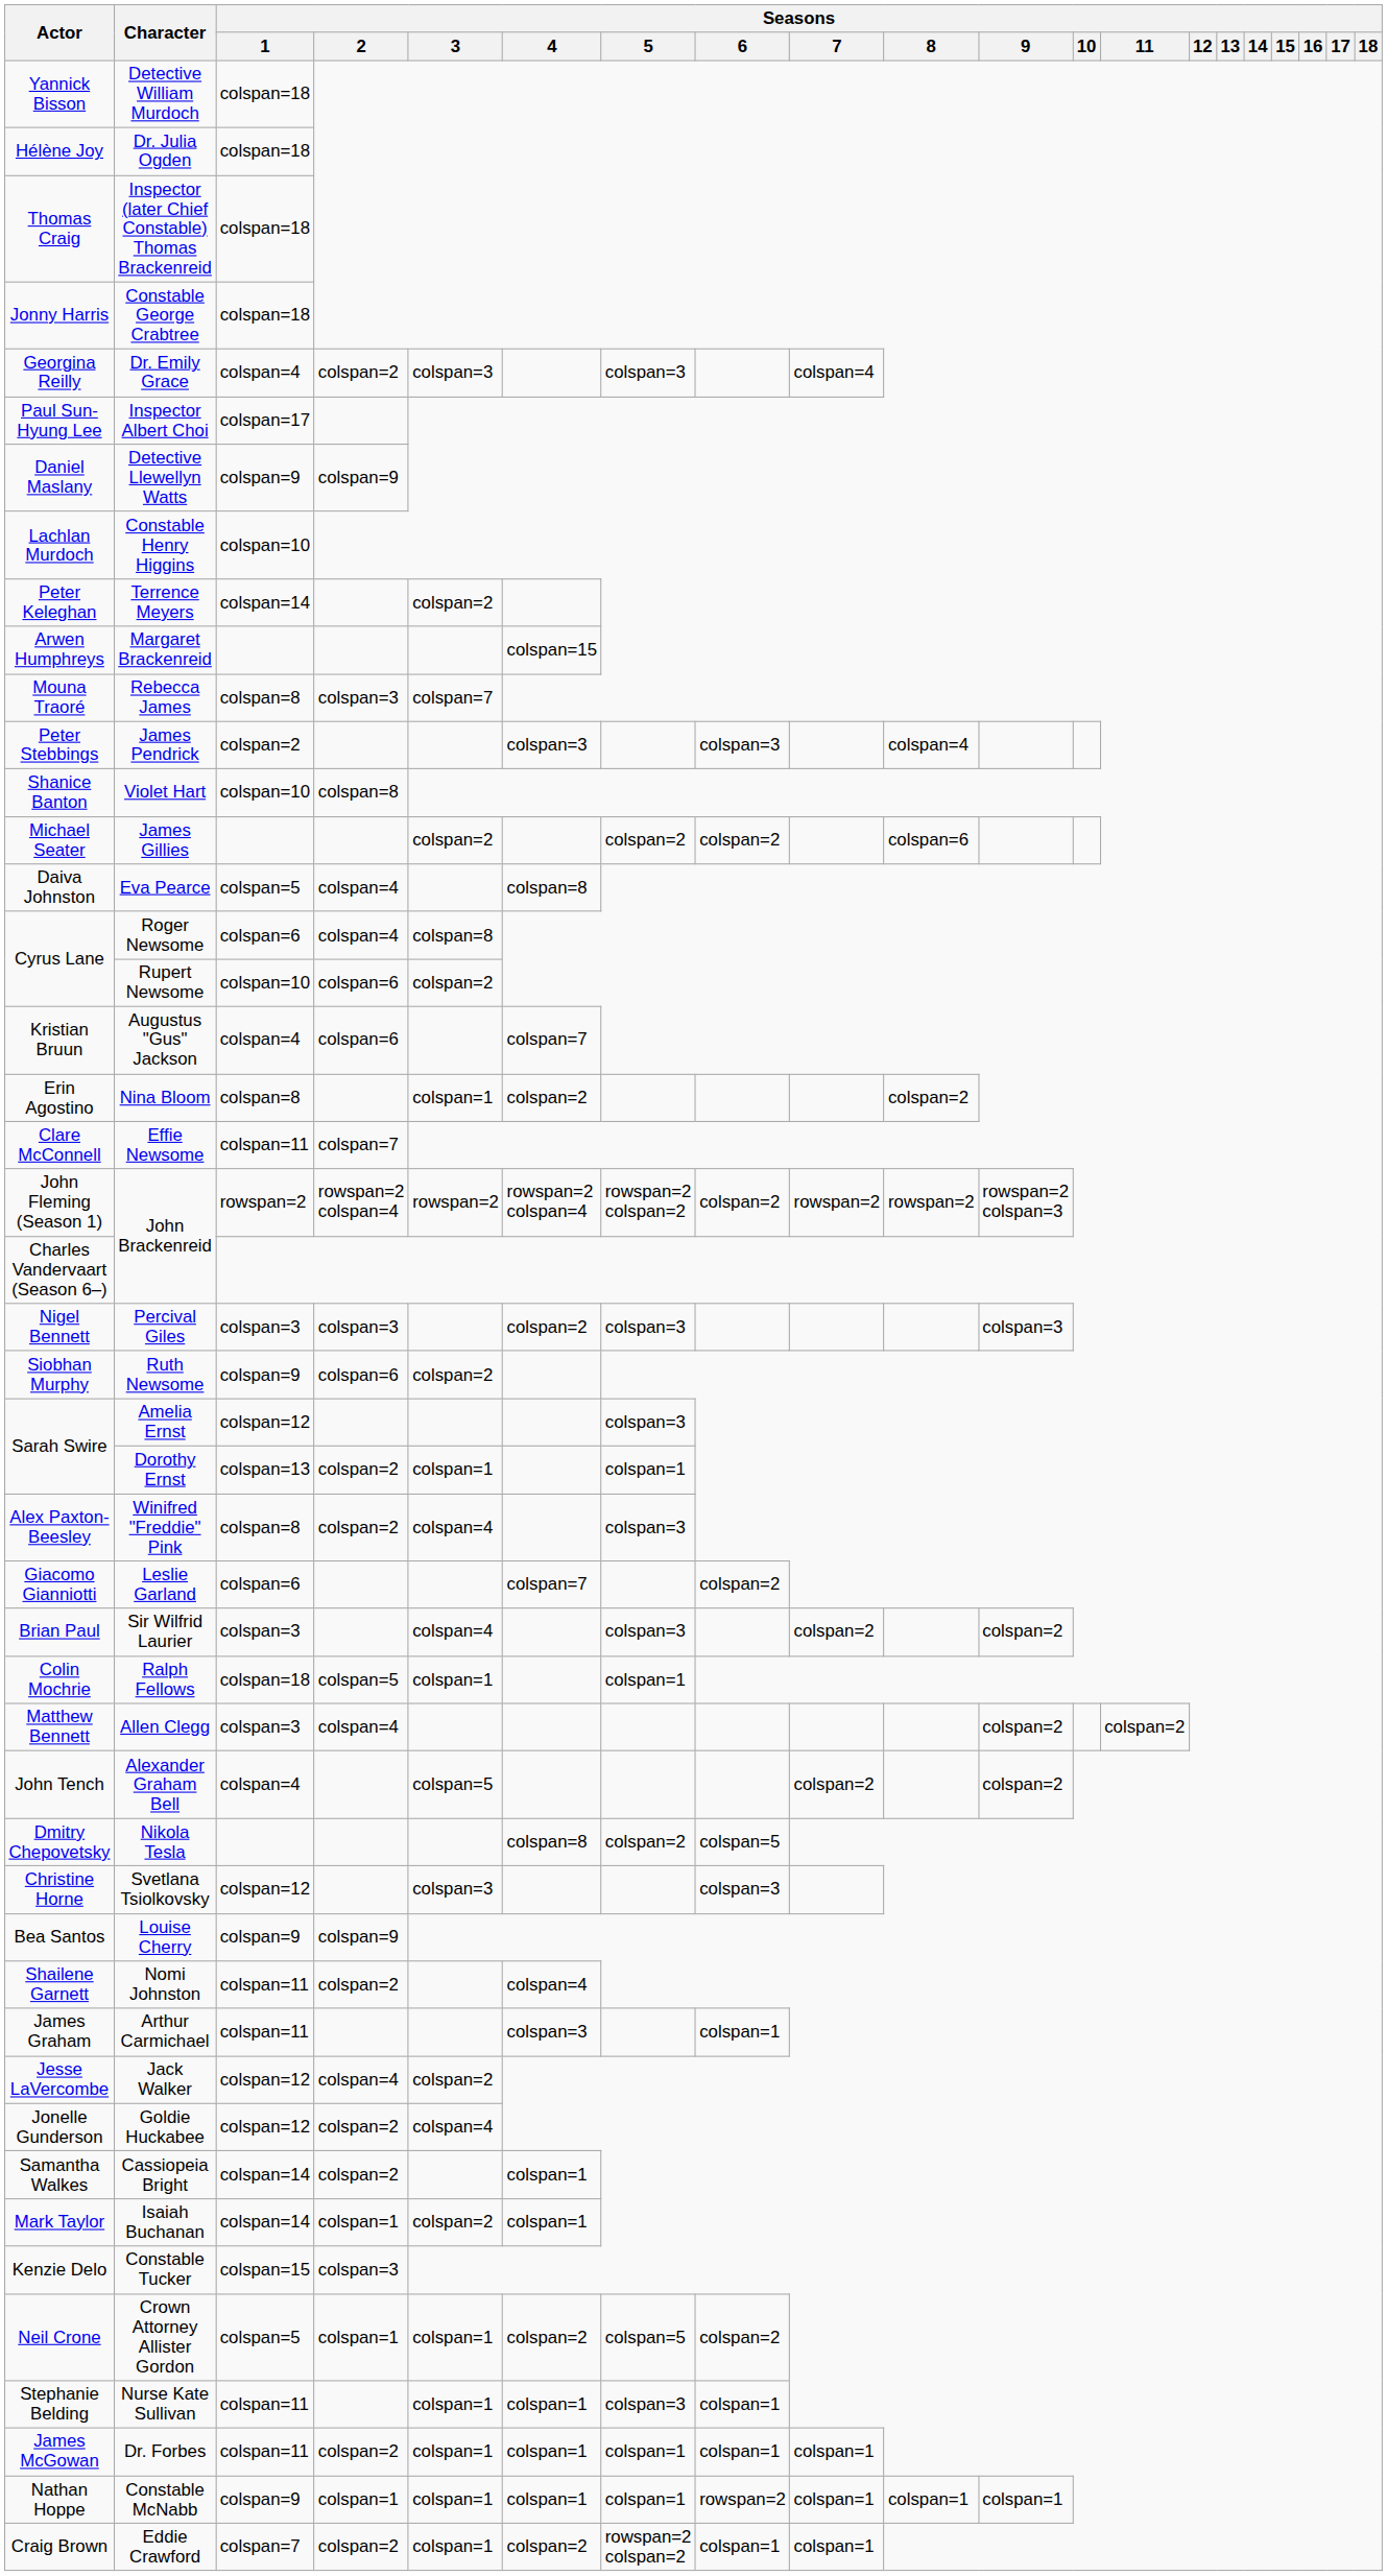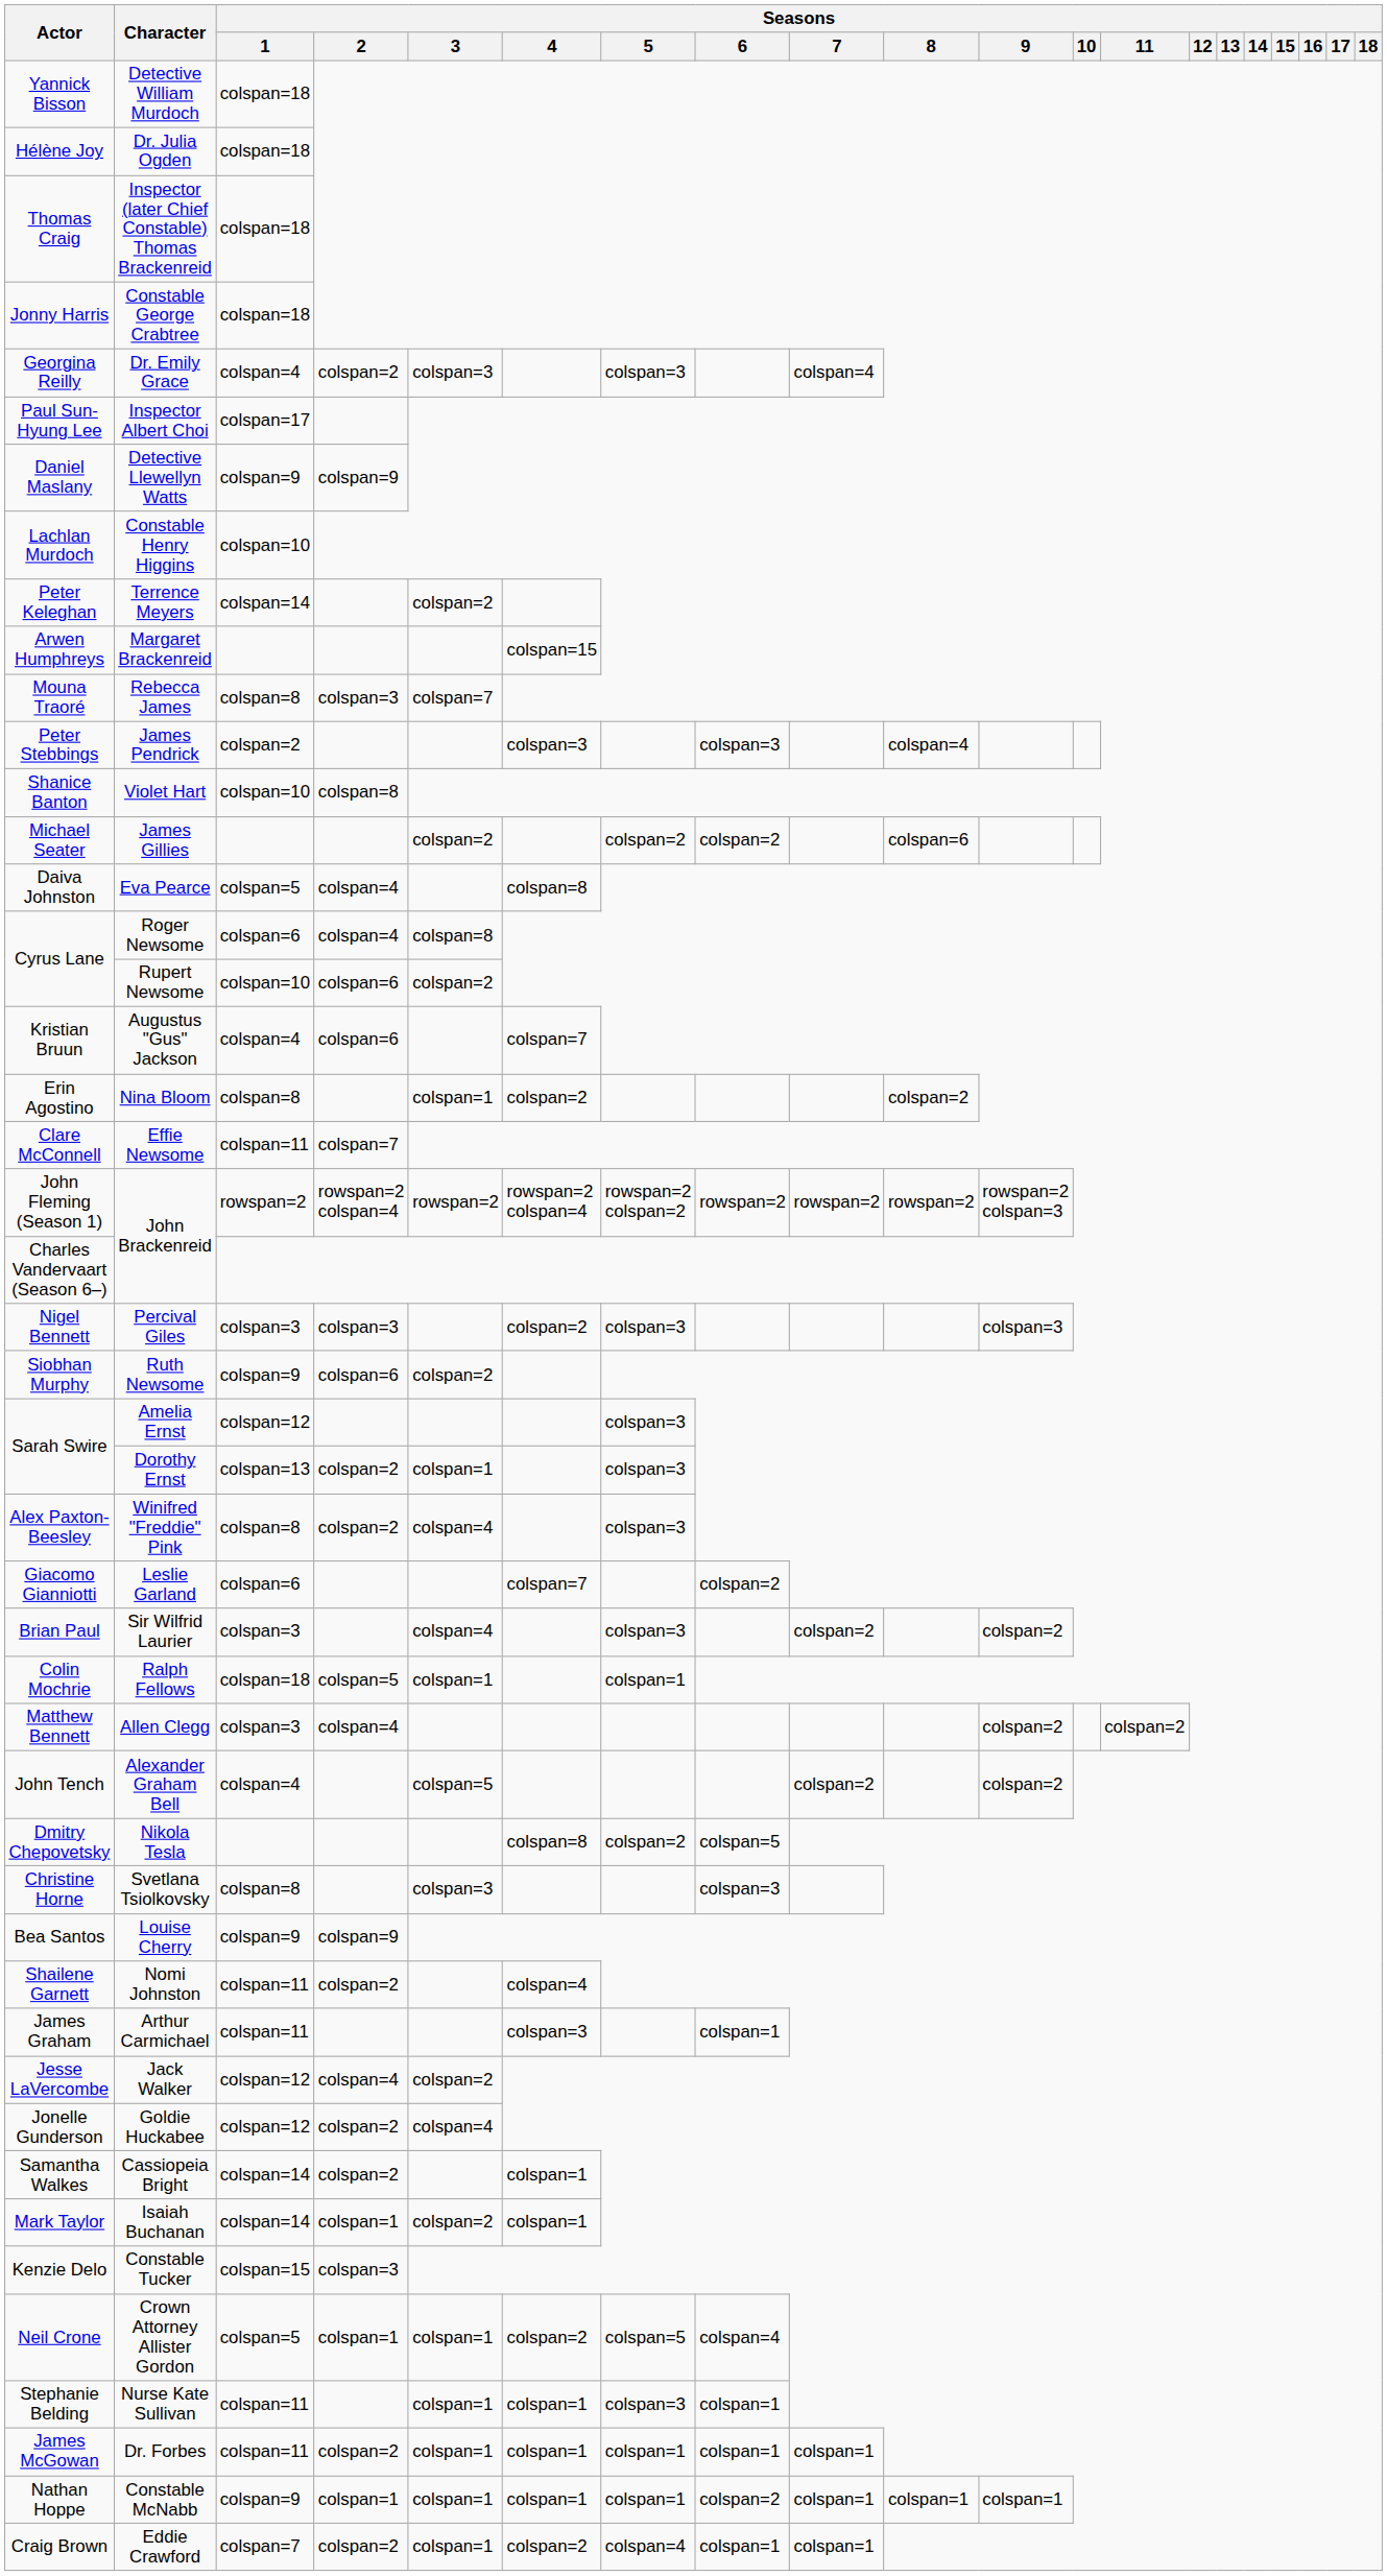 <table class="wikitable">
 <tr>
 <th rowspan=2>Actor</th>
 <th rowspan=2>Character</th>
 <th colspan=18>Seasons</th>
 </tr>
 <tr>
 <th style="width:5%;">1</th>
 <th style="width:5%;">2</th>
 <th style="width:5%;">3</th>
 <th style="width:5%;">4</th>
 <th style="width:5%;">5</th>
 <th style="width:5%;">6</th>
 <th style="width:5%;">7</th>
 <th style="width:5%;">8</th>
 <th style="width:5%;">9</th>
 <th style="width:5%;">10</th>
 <th style="width:5%;">11</th>
 <th style="width:5%;">12</th>
 <th style="width:5%;">13</th>
 <th style="width:5%;">14</th>
 <th style="width:5%;">15</th>
 <th style="width:5%;">16</th>
 <th style="width:5%;">17</th>
 <th style="width:5%;">18</th>
 </tr>
 <tr>
 <td style="text-align:center;"><a href='#'>Yannick Bisson</a></td>
 <td style="text-align:center;"><a href='#'>Detective William Murdoch</a></td>
 <td>colspan=18 </td>
 </tr>
 <tr>
 <td style="text-align:center;"><a href='#'>Hélène Joy</a></td>
 <td style="text-align:center;"><a href='#'>Dr. Julia Ogden</a></td>
 <td>colspan=18 </td>
 </tr>
 <tr>
 <td style="text-align:center;"><a href='#'>Thomas Craig</a></td>
 <td style="text-align:center;"><a href='#'>Inspector (later Chief Constable) Thomas Brackenreid</a></td>
 <td>colspan=18 </td>
 </tr>
 <tr>
 <td style="text-align:center;"><a href='#'>Jonny Harris</a></td>
 <td style="text-align:center;"><a href='#'>Constable George Crabtree</a></td>
 <td>colspan=18 </td>
 </tr>
 <tr>
 <td style="text-align:center;"><a href='#'>Georgina Reilly</a></td>
 <td style="text-align:center;"><a href='#'>Dr. Emily Grace</a></td>
 <td>colspan=4 </td>
 <td>colspan=2 </td>
 <td>colspan=3 </td>
 <td></td>
 <td>colspan=3 </td>
 <td></td>
 <td>colspan=4 </td>
 </tr>
 <tr>
 <td style="text-align:center;"><a href='#'>Paul Sun-Hyung Lee</a></td>
 <td style="text-align:center;"><a href='#'>Inspector Albert Choi</a></td>
 <td>colspan=17 </td>
 <td></td>
 </tr>
 <tr>
 <td style="text-align:center;"><a href='#'>Daniel Maslany</a></td>
 <td style="text-align:center;"><a href='#'>Detective Llewellyn Watts</a></td>
 <td>colspan=9 </td>
 <td>colspan=9 </td>
 </tr>
 <tr>
 <td style="text-align:center;"><a href='#'>Lachlan Murdoch</a></td>
 <td style="text-align:center;"><a href='#'>Constable Henry Higgins</a></td>
 <td>colspan=10 </td>
 </tr>
 <tr>
 <td style="text-align:center;"><a href='#'>Peter Keleghan</a></td>
 <td style="text-align:center;"><a href='#'>Terrence Meyers</a></td>
 <td>colspan=14 </td>
 <td></td>
 <td>colspan=2 </td>
 <td></td>
 </tr>
 <tr>
 <td style="text-align:center;"><a href='#'>Arwen Humphreys</a></td>
 <td style="text-align:center;"><a href='#'>Margaret Brackenreid</a></td>
 <td></td>
 <td></td>
 <td></td>
 <td>colspan=15 </td>
 </tr>
 <tr>
 <td style="text-align:center;"><a href='#'>Mouna Traoré</a></td>
 <td style="text-align:center;"><a href='#'>Rebecca James</a></td>
 <td>colspan=8 </td>
 <td>colspan=3 </td>
 <td>colspan=7 </td>
 </tr>
 <tr>
 <td style="text-align:center;"><a href='#'>Peter Stebbings</a></td>
 <td style="text-align:center;"><a href='#'>James Pendrick</a></td>
 <td>colspan=2 </td>
 <td></td>
 <td></td>
 <td>colspan=3  </td>
 <td></td>
 <td>colspan=3 </td>
 <td></td>
 <td>colspan=4 </td>
 <td></td>
 <td></td>
 </tr>
 <tr>
 <td style="text-align:center;"><a href='#'>Shanice Banton</a></td>
 <td style="text-align:center;"><a href='#'>Violet Hart</a></td>
 <td>colspan=10 </td>
 <td>colspan=8 </td>
 </tr>
 <tr>
 <td style="text-align:center;"><a href='#'>Michael Seater</a></td>
 <td style="text-align:center;"><a href='#'>James Gillies</a></td>
 <td></td>
 <td></td>
 <td>colspan=2 </td>
 <td></td>
 <td>colspan=2 </td>
 <td>colspan=2 </td>
 <td></td>
 <td>colspan=6 </td>
 <td></td>
 <td></td>
 </tr>
 <tr>
 <td style="text-align:center;">Daiva Johnston</td>
 <td style="text-align:center;"><a href='#'>Eva Pearce</a></td>
 <td>colspan=5 </td>
 <td>colspan=4 </td>
 <td></td>
 <td>colspan=8 </td>
 </tr>
 <tr>
 <td rowspan=2 style="text-align:center;">Cyrus Lane</td>
 <td style="text-align:center;">Roger Newsome</td>
 <td>colspan=6 </td>
 <td>colspan=4 </td>
 <td>colspan=8 </td>
 </tr>
 <tr>
 <td style="text-align:center;">Rupert Newsome</td>
 <td>colspan=10 </td>
 <td>colspan=6 </td>
 <td>colspan=2 </td>
 </tr>
 <tr>
 <td style="text-align:center;">Kristian Bruun</td>
 <td style="text-align:center;">Augustus "Gus" Jackson</td>
 <td>colspan=4 </td>
 <td>colspan=6 </td>
 <td></td>
 <td>colspan=7 </td>
 </tr>
 <tr>
 <td style="text-align:center;">Erin Agostino</td>
 <td style="text-align:center;"><a href='#'>Nina Bloom</a></td>
 <td>colspan=8 </td>
 <td></td>
 <td>colspan=1 </td>
 <td>colspan=2 </td>
 <td></td>
 <td></td>
 <td></td>
 <td>colspan=2 </td>
 </tr>
 <tr>
 <td style="text-align:center;"><a href='#'>Clare McConnell</a></td>
 <td style="text-align:center;"><a href='#'>Effie Newsome</a></td>
 <td>colspan=11 </td>
 <td>colspan=7 </td>
 </tr>
 <tr>
 <td style="text-align:center;">John Fleming (Season 1)</td>
 <td rowspan=2 style="text-align:center;">John Brackenreid</td>
 <td>rowspan=2 </td>
 <td>rowspan=2 colspan=4 </td>
 <td>rowspan=2 </td>
 <td>rowspan=2 colspan=4 </td>
 <td>rowspan=2 colspan=2 </td>
-<td>colspan=2 </td>
+<td>rowspan=2 </td>
 <td>rowspan=2 </td>
 <td>rowspan=2 </td>
 <td>rowspan=2 colspan=3 </td>
 </tr>
 <tr>
 <td style="text-align:center;">Charles Vandervaart (Season 6–)</td>
 </tr>
 <tr>
 <td style="text-align:center;"><a href='#'>Nigel Bennett</a></td>
 <td style="text-align:center;"><a href='#'>Percival Giles</a></td>
 <td>colspan=3 </td>
 <td>colspan=3 </td>
 <td></td>
 <td>colspan=2 </td>
 <td>colspan=3 </td>
 <td></td>
 <td></td>
 <td></td>
 <td>colspan=3 </td>
 </tr>
 <tr>
 <td style="text-align:center;"><a href='#'>Siobhan Murphy</a></td>
 <td style="text-align:center;"><a href='#'>Ruth Newsome</a></td>
 <td>colspan=9 </td>
 <td>colspan=6 </td>
 <td>colspan=2 </td>
 <td></td>
 </tr>
 <tr>
 <td rowspan=2 style="text-align:center;">Sarah Swire</td>
 <td style="text-align:center;"><a href='#'>Amelia Ernst</a></td>
 <td>colspan=12 </td>
 <td></td>
 <td></td>
 <td></td>
 <td>colspan=3 </td>
 </tr>
 <tr>
 <td style="text-align:center;"><a href='#'>Dorothy Ernst</a></td>
 <td>colspan=13 </td>
 <td>colspan=2 </td>
 <td>colspan=1 </td>
 <td></td>
-<td>colspan=1 </td>
+<td>colspan=3 </td>
 </tr>
 <tr>
 <td style="text-align:center;"><a href='#'>Alex Paxton-Beesley</a></td>
 <td style="text-align:center;"><a href='#'>Winifred "Freddie" Pink</a></td>
 <td>colspan=8 </td>
 <td>colspan=2 </td>
 <td>colspan=4 </td>
 <td></td>
 <td>colspan=3 </td>
 </tr>
 <tr>
 <td style="text-align:center;"><a href='#'>Giacomo Gianniotti</a></td>
 <td style="text-align:center;"><a href='#'>Leslie Garland</a></td>
 <td>colspan=6 </td>
 <td></td>
 <td></td>
 <td>colspan=7 </td>
 <td></td>
 <td>colspan=2 </td>
 </tr>
 <tr>
 <td style="text-align:center;"><a href='#'>Brian Paul</a></td>
 <td style="text-align:center;">Sir Wilfrid Laurier</td>
 <td>colspan=3 </td>
 <td></td>
 <td>colspan=4 </td>
 <td></td>
 <td>colspan=3 </td>
 <td></td>
 <td>colspan=2 </td>
 <td></td>
 <td>colspan=2 </td>
 </tr>
 <tr>
 <td style="text-align:center;"><a href='#'>Colin Mochrie</a></td>
 <td style="text-align:center;"><a href='#'>Ralph Fellows</a></td>
 <td>colspan=18 </td>
 <td>colspan=5 </td>
 <td>colspan=1 </td>
 <td></td>
 <td>colspan=1 </td>
 </tr>
 <tr>
 <td style="text-align:center;"><a href='#'>Matthew Bennett</a></td>
 <td style="text-align:center;"><a href='#'>Allen Clegg</a></td>
 <td>colspan=3 </td>
 <td>colspan=4 </td>
 <td></td>
 <td></td>
 <td></td>
 <td></td>
 <td></td>
 <td></td>
 <td>colspan=2 </td>
 <td></td>
 <td>colspan=2 </td>
 </tr>
 <tr>
 <td style="text-align:center;">John Tench</td>
 <td style="text-align:center;"><a href='#'>Alexander Graham Bell</a></td>
 <td>colspan=4 </td>
 <td></td>
 <td>colspan=5 </td>
 <td></td>
 <td></td>
 <td></td>
 <td>colspan=2 </td>
 <td></td>
 <td>colspan=2 </td>
 </tr>
 <tr>
 <td style="text-align:center;"><a href='#'>Dmitry Chepovetsky</a></td>
 <td style="text-align:center;"><a href='#'>Nikola Tesla</a></td>
 <td></td>
 <td></td>
 <td></td>
 <td>colspan=8 </td>
 <td>colspan=2 </td>
 <td>colspan=5 </td>
 </tr>
 <tr>
 <td style="text-align:center;"><a href='#'>Christine Horne</a></td>
 <td style="text-align:center;">Svetlana Tsiolkovsky</td>
-<td>colspan=12 </td>
+<td>colspan=8 </td>
 <td></td>
 <td>colspan=3 </td>
 <td></td>
 <td></td>
 <td>colspan=3 </td>
 <td></td>
 </tr>
 <tr>
 <td style="text-align:center;">Bea Santos</td>
 <td style="text-align:center;"><a href='#'>Louise Cherry</a></td>
 <td>colspan=9 </td>
 <td>colspan=9 </td>
 </tr>
 <tr>
 <td style="text-align:center;"><a href='#'>Shailene Garnett</a></td>
 <td style="text-align:center;">Nomi Johnston</td>
 <td>colspan=11 </td>
 <td>colspan=2 </td>
 <td></td>
 <td>colspan=4 </td>
 </tr>
 <tr>
 <td style="text-align:center;">James Graham</td>
 <td style="text-align:center;">Arthur Carmichael</td>
 <td>colspan=11 </td>
 <td></td>
 <td></td>
 <td>colspan=3 </td>
 <td></td>
 <td>colspan=1 </td>
 </tr>
 <tr>
 <td style="text-align:center;"><a href='#'>Jesse LaVercombe</a></td>
 <td style="text-align:center;">Jack Walker</td>
 <td>colspan=12 </td>
 <td>colspan=4 </td>
 <td>colspan=2 </td>
 </tr>
 <tr>
 <td style="text-align:center;">Jonelle Gunderson</td>
 <td style="text-align:center;">Goldie Huckabee</td>
 <td>colspan=12 </td>
 <td>colspan=2 </td>
 <td>colspan=4 </td>
 </tr>
 <tr>
 <td style="text-align:center;">Samantha Walkes</td>
 <td style="text-align:center;">Cassiopeia Bright</td>
 <td>colspan=14 </td>
 <td>colspan=2 </td>
 <td></td>
 <td>colspan=1 </td>
 </tr>
 <tr>
 <td style="text-align:center;"><a href='#'>Mark Taylor</a></td>
 <td style="text-align:center;">Isaiah Buchanan</td>
 <td>colspan=14 </td>
 <td>colspan=1 </td>
 <td>colspan=2 </td>
 <td>colspan=1 </td>
 </tr>
 <tr>
 <td style="text-align:center;">Kenzie Delo</td>
 <td style="text-align:center;">Constable Tucker</td>
 <td>colspan=15 </td>
 <td>colspan=3 </td>
 </tr>
 <tr>
 <td style="text-align:center;"><a href='#'>Neil Crone</a></td>
 <td style="text-align:center;">Crown Attorney Allister Gordon</td>
 <td>colspan=5 </td>
 <td>colspan=1 </td>
 <td>colspan=1 </td>
 <td>colspan=2 </td>
 <td>colspan=5 </td>
-<td>colspan=2 </td>
+<td>colspan=4 </td>
 </tr>
 <tr>
 <td style="text-align:center;">Stephanie Belding</td>
 <td style="text-align:center;">Nurse Kate Sullivan</td>
 <td>colspan=11 </td>
 <td></td>
 <td>colspan=1 </td>
 <td>colspan=1 </td>
 <td>colspan=3 </td>
 <td>colspan=1 </td>
 </tr>
 <tr>
 <td style="text-align:center;"><a href='#'>James McGowan</a></td>
 <td style="text-align:center;">Dr. Forbes</td>
 <td>colspan=11 </td>
 <td>colspan=2 </td>
 <td>colspan=1 </td>
 <td>colspan=1 </td>
 <td>colspan=1 </td>
 <td>colspan=1 </td>
 <td>colspan=1 </td>
 </tr>
 <tr>
 <td style="text-align:center;">Nathan Hoppe</td>
 <td style="text-align:center;">Constable McNabb</td>
 <td>colspan=9 </td>
 <td>colspan=1 </td>
 <td>colspan=1 </td>
 <td>colspan=1 </td>
 <td>colspan=1 </td>
-<td>rowspan=2 </td>
+<td>colspan=2 </td>
 <td>colspan=1 </td>
 <td>colspan=1 </td>
 <td>colspan=1 </td>
 </tr>
 <tr>
 <td style="text-align:center;">Craig Brown</td>
 <td style="text-align:center;">Eddie Crawford</td>
 <td>colspan=7 </td>
 <td>colspan=2 </td>
 <td>colspan=1 </td>
 <td>colspan=2 </td>
-<td>rowspan=2 colspan=2 </td>
+<td>colspan=4 </td>
 <td>colspan=1 </td>
 <td>colspan=1 </td>
 </tr>
 </table>
